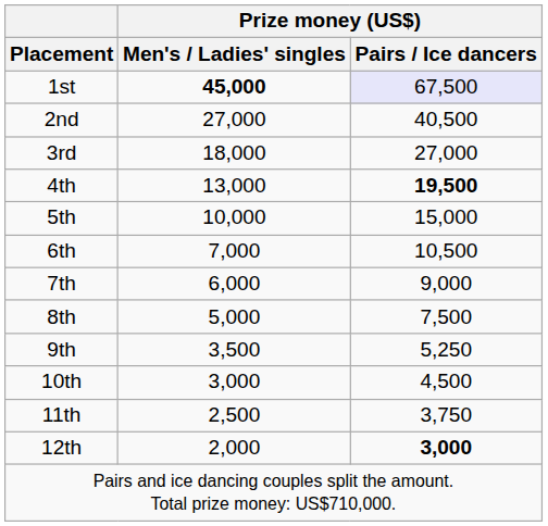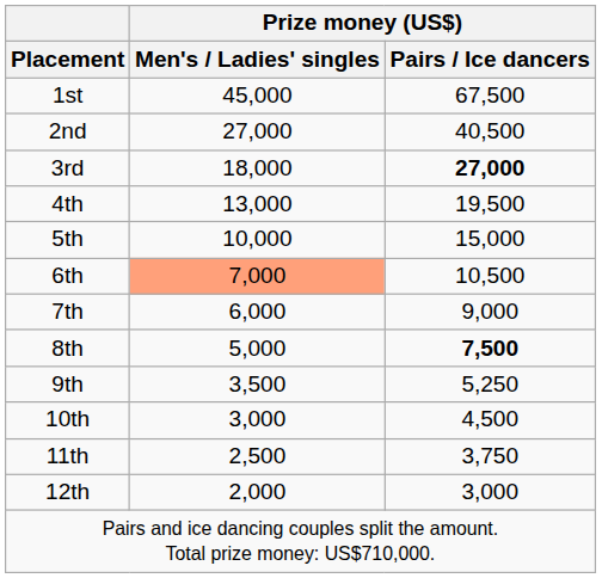 <table class="wikitable" style="text-align:center">
 <tr>
 <th></th>
 <th colspan=2>Prize money (US$)</th>
 </tr>
 <tr>
 <th>Placement</th>
 <th>Men's / Ladies' singles</th>
 <th>Pairs / Ice dancers</th>
 </tr>
 <tr>
 <td>1st</td>
-<td><strong>45,000</strong></td>
-<td style="background: lavender;">67,500</td>
+<td>45,000</td>
+<td>67,500</td>
 </tr>
 <tr>
 <td>2nd</td>
 <td>27,000</td>
 <td>40,500</td>
 </tr>
 <tr>
 <td>3rd</td>
 <td>18,000</td>
-<td>27,000</td>
+<td><strong>27,000</strong></td>
 </tr>
 <tr>
 <td>4th</td>
 <td>13,000</td>
-<td><strong>19,500</strong></td>
+<td>19,500</td>
 </tr>
 <tr>
 <td>5th</td>
 <td>10,000</td>
 <td>15,000</td>
 </tr>
 <tr>
 <td>6th</td>
-<td>7,000</td>
+<td style="background: lightsalmon;">7,000</td>
 <td>10,500</td>
 </tr>
 <tr>
 <td>7th</td>
 <td>6,000</td>
 <td>9,000</td>
 </tr>
 <tr>
 <td>8th</td>
 <td>5,000</td>
-<td>7,500</td>
+<td><strong>7,500</strong></td>
 </tr>
 <tr>
 <td>9th</td>
 <td>3,500</td>
 <td>5,250</td>
 </tr>
 <tr>
 <td>10th</td>
 <td>3,000</td>
 <td>4,500</td>
 </tr>
 <tr>
 <td>11th</td>
 <td>2,500</td>
 <td>3,750</td>
 </tr>
 <tr>
 <td>12th</td>
 <td>2,000</td>
-<td><strong>3,000</strong></td>
+<td>3,000</td>
 </tr>
 <tr>
 <td colspan=3 align=center><small>Pairs and ice dancing couples split the amount. <br> Total prize money: US$710,000.</small></td>
 </tr>
 </table>
